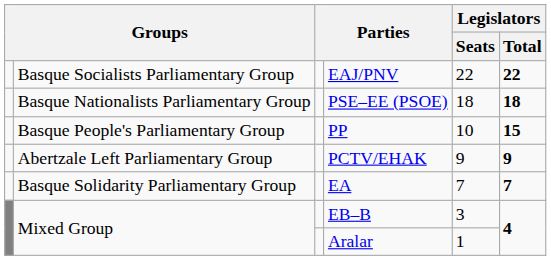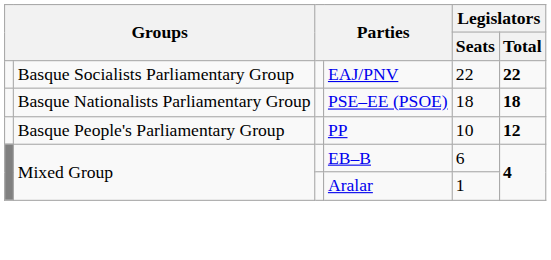 <table class="wikitable" style="text-align:left;">
 <tr>
 <th rowspan="2" colspan="2">Groups</th>
 <th rowspan="2" colspan="2">Parties</th>
 <th colspan="2">Legislators</th>
 </tr>
 <tr>
 <th>Seats</th>
 <th>Total</th>
 </tr>
 <tr>
 <td width="1" style="color:inherit;background:"></td>
 <td>Basque Socialists Parliamentary Group</td>
 <td width="1" style="color:inherit;background:"></td>
 <td><a href='#'>EAJ/PNV</a></td>
 <td>22</td>
 <td><strong>22</strong></td>
 </tr>
 <tr>
 <td style="color:inherit;background:"></td>
 <td>Basque Nationalists Parliamentary Group</td>
 <td style="color:inherit;background:"></td>
 <td><a href='#'>PSE–EE (PSOE)</a></td>
 <td>18</td>
 <td><strong>18</strong></td>
 </tr>
 <tr>
 <td style="color:inherit;background:"></td>
 <td>Basque People's Parliamentary Group</td>
 <td style="color:inherit;background:"></td>
 <td><a href='#'>PP</a></td>
 <td>10</td>
-<td><strong>15</strong></td>
-</tr>
-<tr>
-<td style="color:inherit;background:"></td>
-<td>Abertzale Left Parliamentary Group</td>
-<td style="color:inherit;background:"></td>
-<td><a href='#'>PCTV/EHAK</a></td>
-<td>9</td>
-<td><strong>9</strong></td>
-</tr>
-<tr>
-<td style="color:inherit;background:"></td>
-<td>Basque Solidarity Parliamentary Group</td>
-<td style="color:inherit;background:"></td>
-<td><a href='#'>EA</a></td>
-<td>7</td>
-<td><strong>7</strong></td>
+<td><strong>12</strong></td>
 </tr>
 <tr>
 <td rowspan="2" bgcolor="gray"></td>
 <td rowspan="2">Mixed Group</td>
 <td style="color:inherit;background:"></td>
 <td><a href='#'>EB–B</a></td>
-<td>3</td>
+<td>6</td>
 <td rowspan="2"><strong>4</strong></td>
 </tr>
 <tr>
 <td style="color:inherit;background:"></td>
 <td><a href='#'>Aralar</a></td>
 <td>1</td>
 </tr>
 </table>
